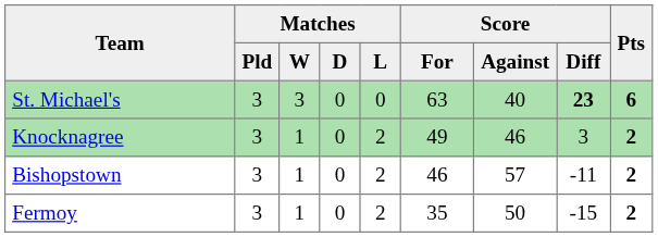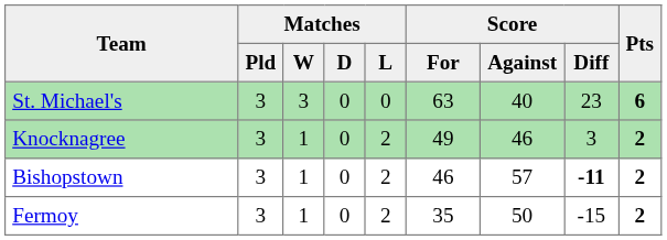 <table style=border-collapse:collapse border=1 cellspacing=0 cellpadding=5>
 <tr align=center bgcolor=#efefef>
 <th rowspan=2 width=165>Team</th>
 <th colspan=4>Matches</th>
 <th colspan=3>Score</th>
 <th rowspan=2width=20>Pts</th>
 </tr>
 <tr align=center bgcolor=#efefef>
 <th width=20>Pld</th>
 <th width=20>W</th>
 <th width=20>D</th>
 <th width=20>L</th>
 <th width=45>For</th>
 <th width=45>Against</th>
 <th width=30>Diff</th>
 </tr>
 <tr align=center style="background:#ACE1AF;">
 <td style="text-align:left;"><a href='#'>St. Michael's</a></td>
 <td>3</td>
 <td>3</td>
 <td>0</td>
 <td>0</td>
 <td>63</td>
 <td>40</td>
-<td><strong>23</strong></td>
+<td>23</td>
 <td><strong>6</strong></td>
 </tr>
 <tr align=center style="background:#ACE1AF;">
 <td style="text-align:left;"><a href='#'>Knocknagree</a></td>
 <td>3</td>
 <td>1</td>
 <td>0</td>
 <td>2</td>
 <td>49</td>
 <td>46</td>
 <td>3</td>
 <td><strong>2</strong></td>
 </tr>
 <tr align=center>
 <td style="text-align:left;"><a href='#'>Bishopstown</a></td>
 <td>3</td>
 <td>1</td>
 <td>0</td>
 <td>2</td>
 <td>46</td>
 <td>57</td>
-<td>-11</td>
+<td><strong>-11</strong></td>
 <td><strong>2</strong></td>
 </tr>
 <tr align=center>
 <td style="text-align:left;"><a href='#'>Fermoy</a></td>
 <td>3</td>
 <td>1</td>
 <td>0</td>
 <td>2</td>
 <td>35</td>
 <td>50</td>
 <td>-15</td>
 <td><strong>2</strong></td>
 </tr>
 </table>
